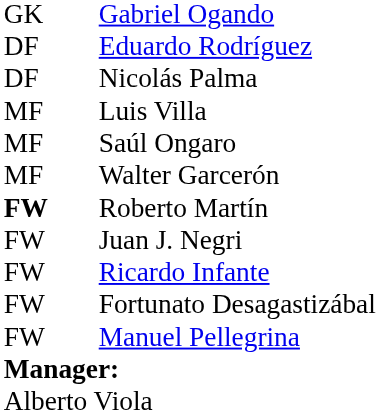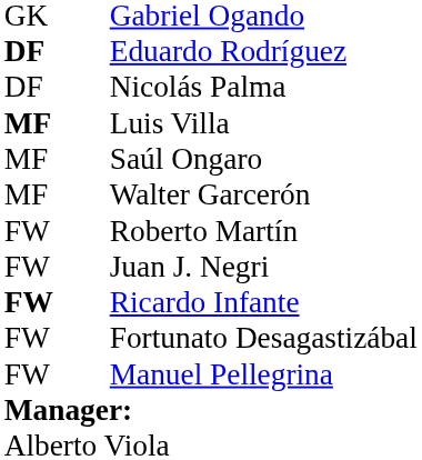 <table style="font-size:90%; margin:0.2em auto;" cellspacing="0" cellpadding="0">
 <tr>
 <th width="25"></th>
 <th width="25"></th>
 </tr>
 <tr>
 <td>GK</td>
 <td></td>
 <td> <a href='#'>Gabriel Ogando</a></td>
 </tr>
 <tr>
-<td>DF</td>
+<td><strong>DF</strong></td>
 <td></td>
 <td> <a href='#'>Eduardo Rodríguez</a></td>
 </tr>
 <tr>
 <td>DF</td>
 <td></td>
 <td> Nicolás Palma</td>
 </tr>
 <tr>
-<td>MF</td>
+<td><strong>MF</strong></td>
 <td></td>
 <td> Luis Villa</td>
 </tr>
 <tr>
 <td>MF</td>
 <td></td>
 <td> Saúl Ongaro</td>
 </tr>
 <tr>
 <td>MF</td>
 <td></td>
 <td> Walter Garcerón</td>
 </tr>
 <tr>
-<td><strong>FW</strong></td>
+<td>FW</td>
 <td></td>
 <td> Roberto Martín</td>
 </tr>
 <tr>
 <td>FW</td>
 <td></td>
 <td> Juan J. Negri</td>
 </tr>
 <tr>
-<td>FW</td>
+<td><strong>FW</strong></td>
 <td></td>
 <td> <a href='#'>Ricardo Infante</a></td>
 </tr>
 <tr>
 <td>FW</td>
 <td></td>
 <td> Fortunato Desagastizábal</td>
 </tr>
 <tr>
 <td>FW</td>
 <td></td>
 <td> <a href='#'>Manuel Pellegrina</a></td>
 </tr>
 <tr>
 <td colspan=4><strong>Manager:</strong></td>
 </tr>
 <tr>
 <td colspan="4"> Alberto Viola</td>
 </tr>
 </table>
